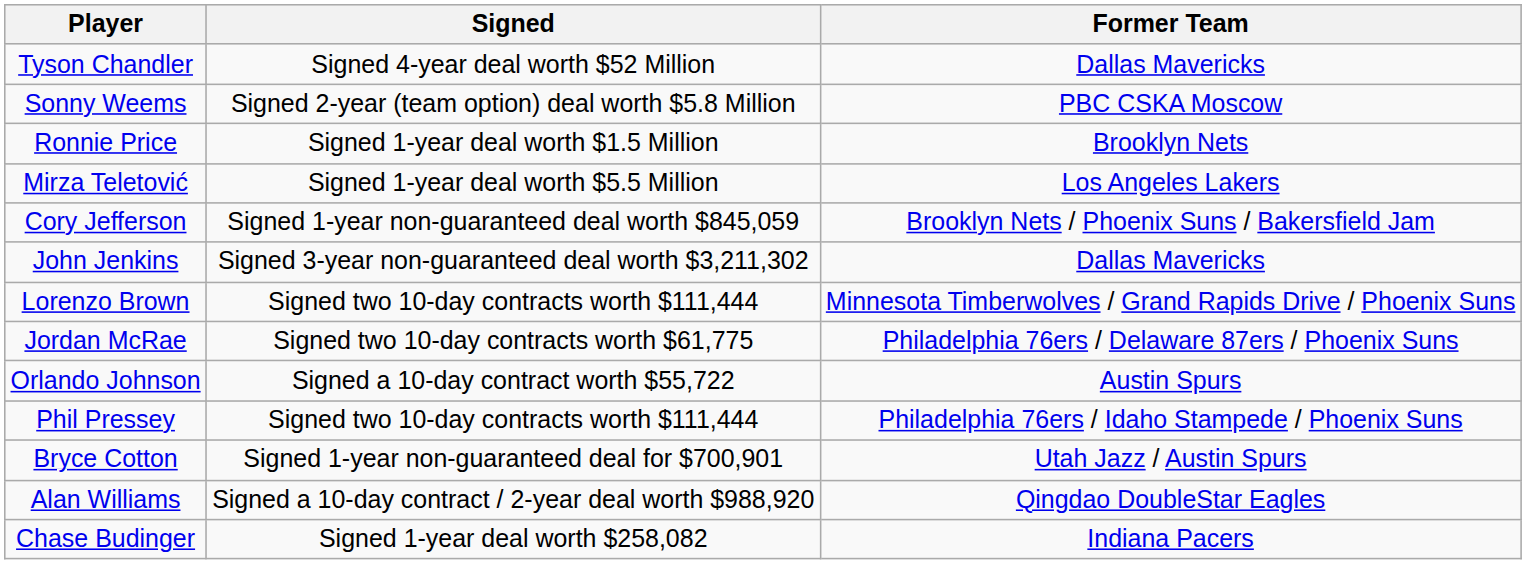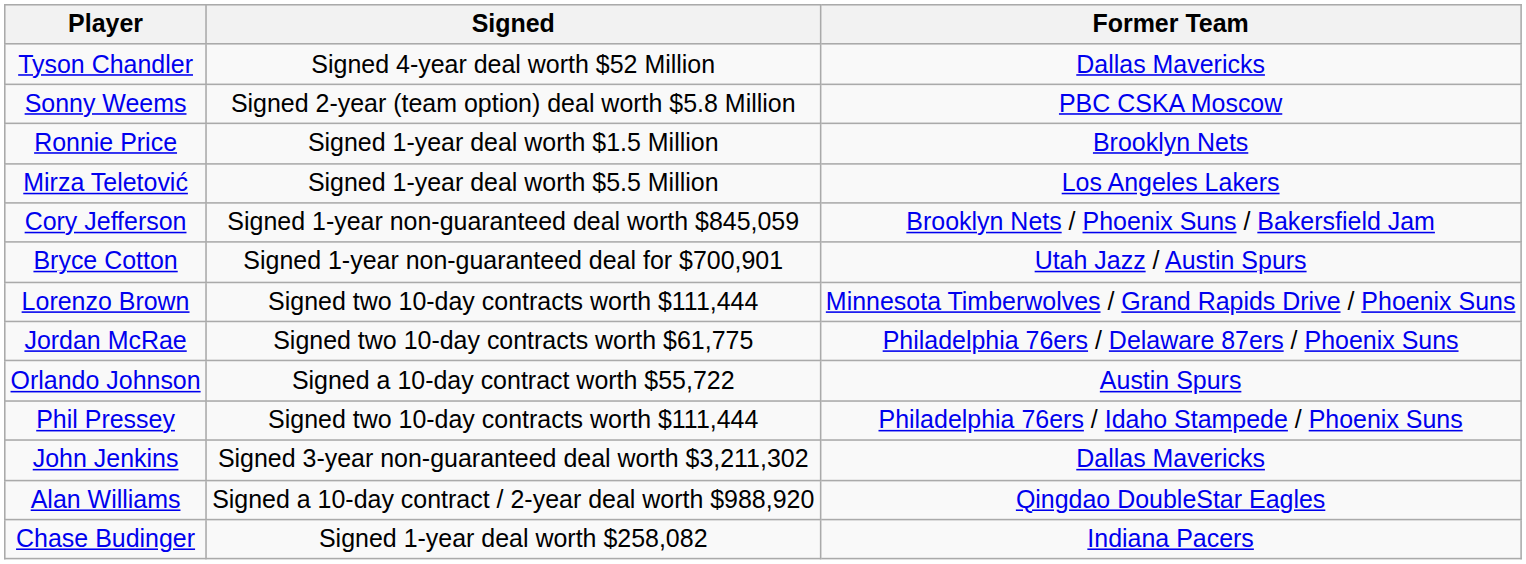 <table class="wikitable sortable sortable">
 <tr>
 <th>Player</th>
 <th>Signed</th>
 <th>Former Team</th>
 </tr>
 <tr style="text-align: center">
 <td><a href='#'>Tyson Chandler</a></td>
 <td>Signed 4-year deal worth $52 Million</td>
 <td><a href='#'>Dallas Mavericks</a></td>
 </tr>
 <tr style="text-align: center">
 <td><a href='#'>Sonny Weems</a></td>
 <td>Signed 2-year (team option) deal worth $5.8 Million</td>
 <td> <a href='#'>PBC CSKA Moscow</a></td>
 </tr>
 <tr style="text-align: center">
 <td><a href='#'>Ronnie Price</a></td>
 <td>Signed 1-year deal worth $1.5 Million</td>
 <td><a href='#'>Brooklyn Nets</a></td>
 </tr>
 <tr style="text-align: center">
 <td><a href='#'>Mirza Teletović</a></td>
 <td>Signed 1-year deal worth $5.5 Million</td>
 <td><a href='#'>Los Angeles Lakers</a></td>
 </tr>
 <tr style="text-align: center">
 <td><a href='#'>Cory Jefferson</a></td>
 <td>Signed 1-year non-guaranteed deal worth $845,059</td>
 <td><a href='#'>Brooklyn Nets</a> / <a href='#'>Phoenix Suns</a> / <a href='#'>Bakersfield Jam</a></td>
 </tr>
 <tr style="text-align: center">
-<td><a href='#'>John Jenkins</a></td>
-<td>Signed 3-year non-guaranteed deal worth $3,211,302</td>
-<td><a href='#'>Dallas Mavericks</a></td>
+<td><a href='#'>Bryce Cotton</a></td>
+<td>Signed 1-year non-guaranteed deal for $700,901</td>
+<td><a href='#'>Utah Jazz</a> / <a href='#'>Austin Spurs</a></td>
 </tr>
 <tr style="text-align: center">
 <td><a href='#'>Lorenzo Brown</a></td>
 <td>Signed two 10-day contracts worth $111,444</td>
 <td><a href='#'>Minnesota Timberwolves</a> / <a href='#'>Grand Rapids Drive</a> / <a href='#'>Phoenix Suns</a></td>
 </tr>
 <tr style="text-align: center">
 <td><a href='#'>Jordan McRae</a></td>
 <td>Signed two 10-day contracts worth $61,775</td>
 <td><a href='#'>Philadelphia 76ers</a> / <a href='#'>Delaware 87ers</a> / <a href='#'>Phoenix Suns</a></td>
 </tr>
 <tr style="text-align: center">
 <td><a href='#'>Orlando Johnson</a></td>
 <td>Signed a 10-day contract worth $55,722</td>
 <td><a href='#'>Austin Spurs</a></td>
 </tr>
 <tr style="text-align: center">
 <td><a href='#'>Phil Pressey</a></td>
 <td>Signed two 10-day contracts worth $111,444</td>
 <td><a href='#'>Philadelphia 76ers</a> / <a href='#'>Idaho Stampede</a> / <a href='#'>Phoenix Suns</a></td>
 </tr>
 <tr style="text-align: center">
-<td><a href='#'>Bryce Cotton</a></td>
-<td>Signed 1-year non-guaranteed deal for $700,901</td>
-<td><a href='#'>Utah Jazz</a> / <a href='#'>Austin Spurs</a></td>
+<td><a href='#'>John Jenkins</a></td>
+<td>Signed 3-year non-guaranteed deal worth $3,211,302</td>
+<td><a href='#'>Dallas Mavericks</a></td>
 </tr>
 <tr style="text-align: center">
 <td><a href='#'>Alan Williams</a></td>
 <td>Signed a 10-day contract / 2-year deal worth $988,920</td>
 <td> <a href='#'>Qingdao DoubleStar Eagles</a></td>
 </tr>
 <tr style="text-align: center">
 <td><a href='#'>Chase Budinger</a></td>
 <td>Signed 1-year deal worth $258,082</td>
 <td><a href='#'>Indiana Pacers</a></td>
 </tr>
 </table>
